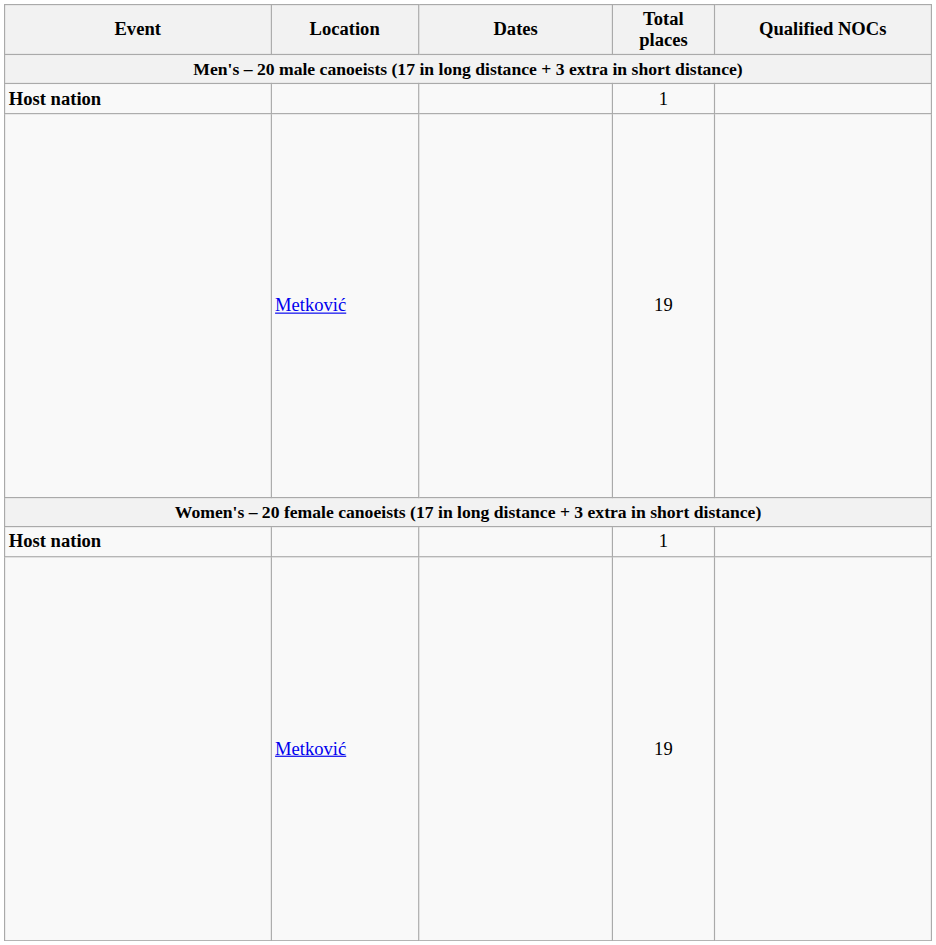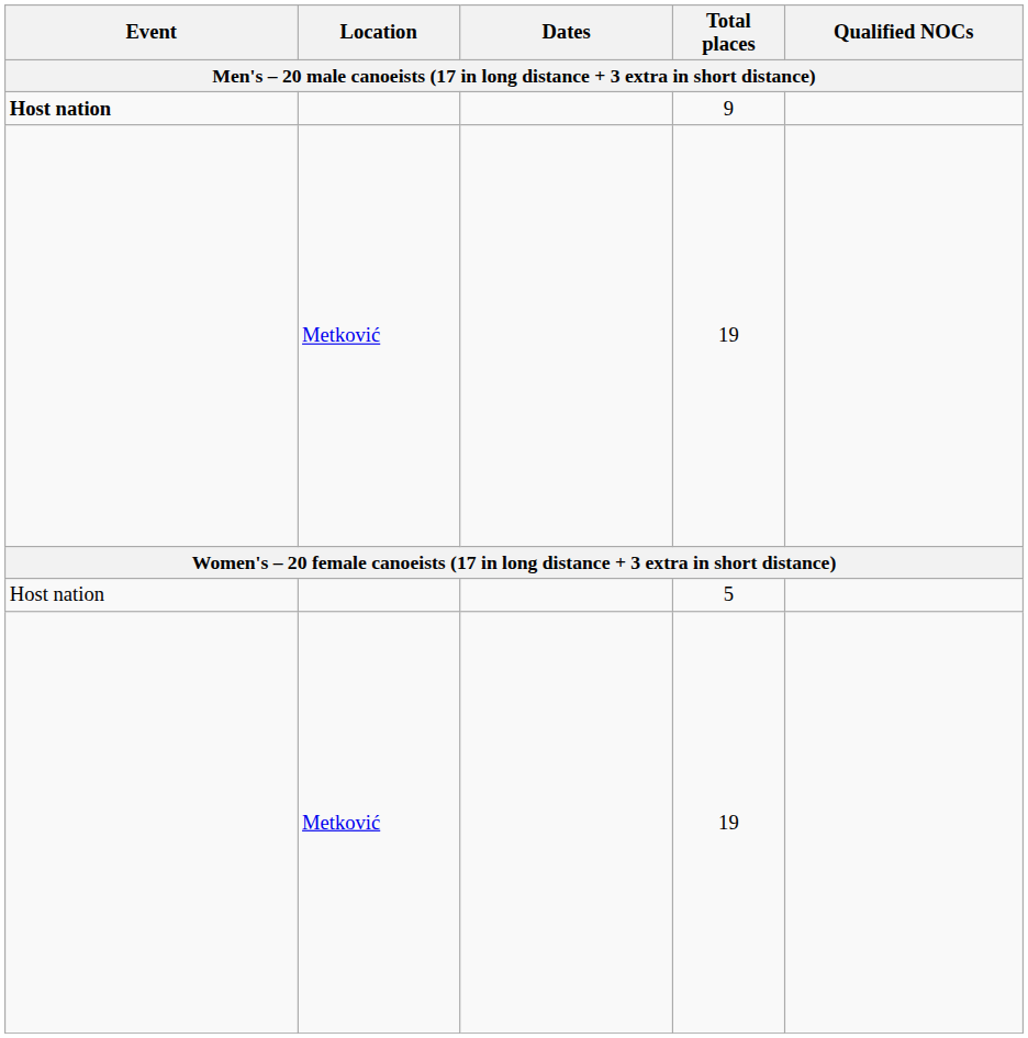 <table class="wikitable" width=800>
 <tr>
 <th>Event</th>
 <th width=120>Location</th>
 <th width=160>Dates</th>
 <th width=80>Total places</th>
 <th width=180>Qualified NOCs</th>
 </tr>
 <tr style="font-size:95%;">
 <th colspan=5>Men's – 20 male canoeists (17 in long distance + 3 extra in short distance)</th>
 </tr>
 <tr>
 <td><strong>Host nation</strong></td>
 <td></td>
 <td></td>
-<td align="center">1</td>
+<td align="center">9</td>
 <td></td>
 </tr>
 <tr>
 <td></td>
 <td> <a href='#'>Metković</a></td>
 <td align="center"></td>
 <td align="center">19</td>
 <td><br><br><br><br><br><br><br><br><br><br><br><br><br><br><br><br><br><br></td>
 </tr>
 <tr style="font-size:95%;">
 <th colspan=5>Women's – 20 female canoeists (17 in long distance + 3 extra in short distance)</th>
 </tr>
 <tr>
-<td><strong>Host nation</strong></td>
+<td>Host nation</td>
 <td></td>
 <td></td>
-<td align="center">1</td>
+<td align="center">5</td>
 <td></td>
 </tr>
 <tr>
 <td></td>
 <td> <a href='#'>Metković</a></td>
 <td align="center"></td>
 <td align="center">19</td>
 <td><br><br><br><br><br><br><br><br><br><br><br><br><br><br><br><br><br><br></td>
 </tr>
 </table>
